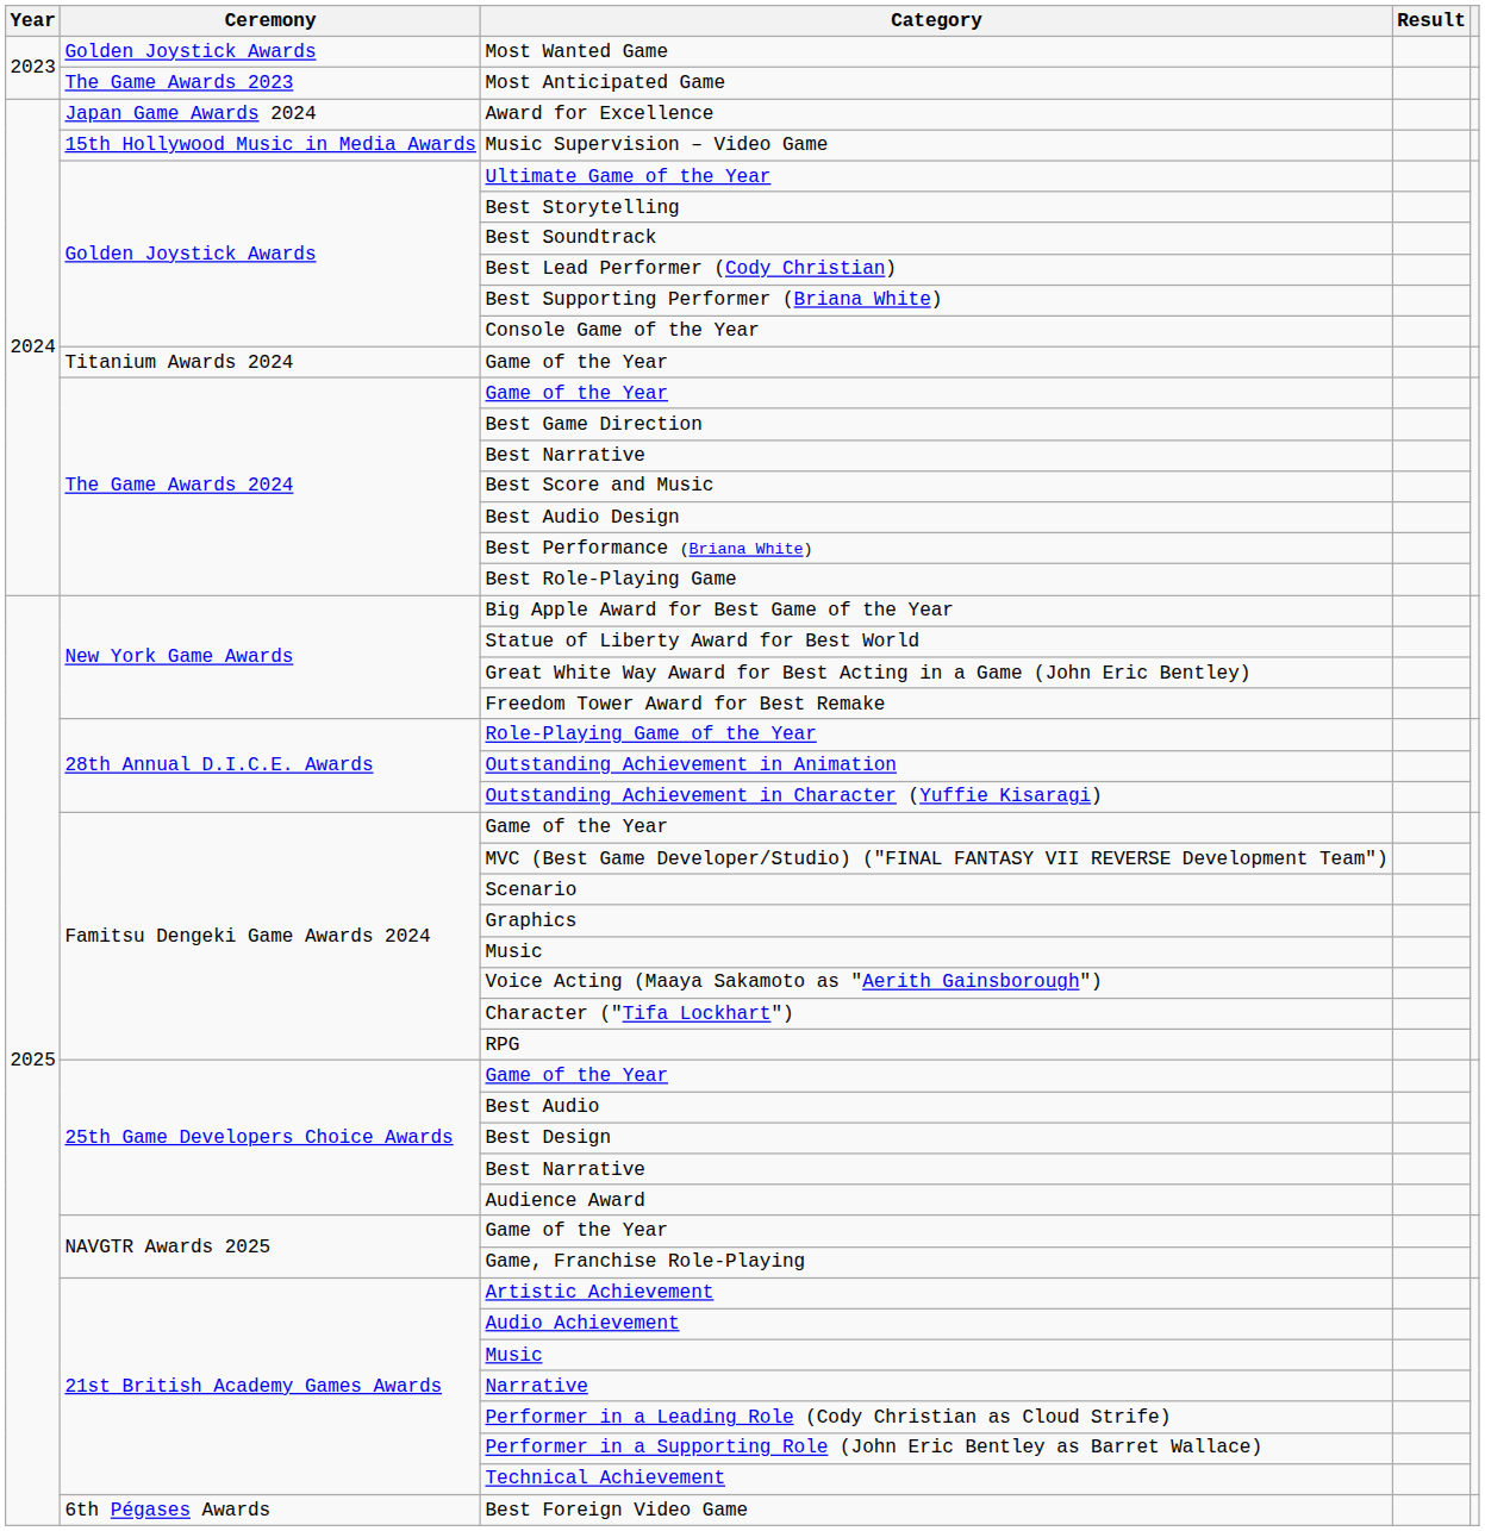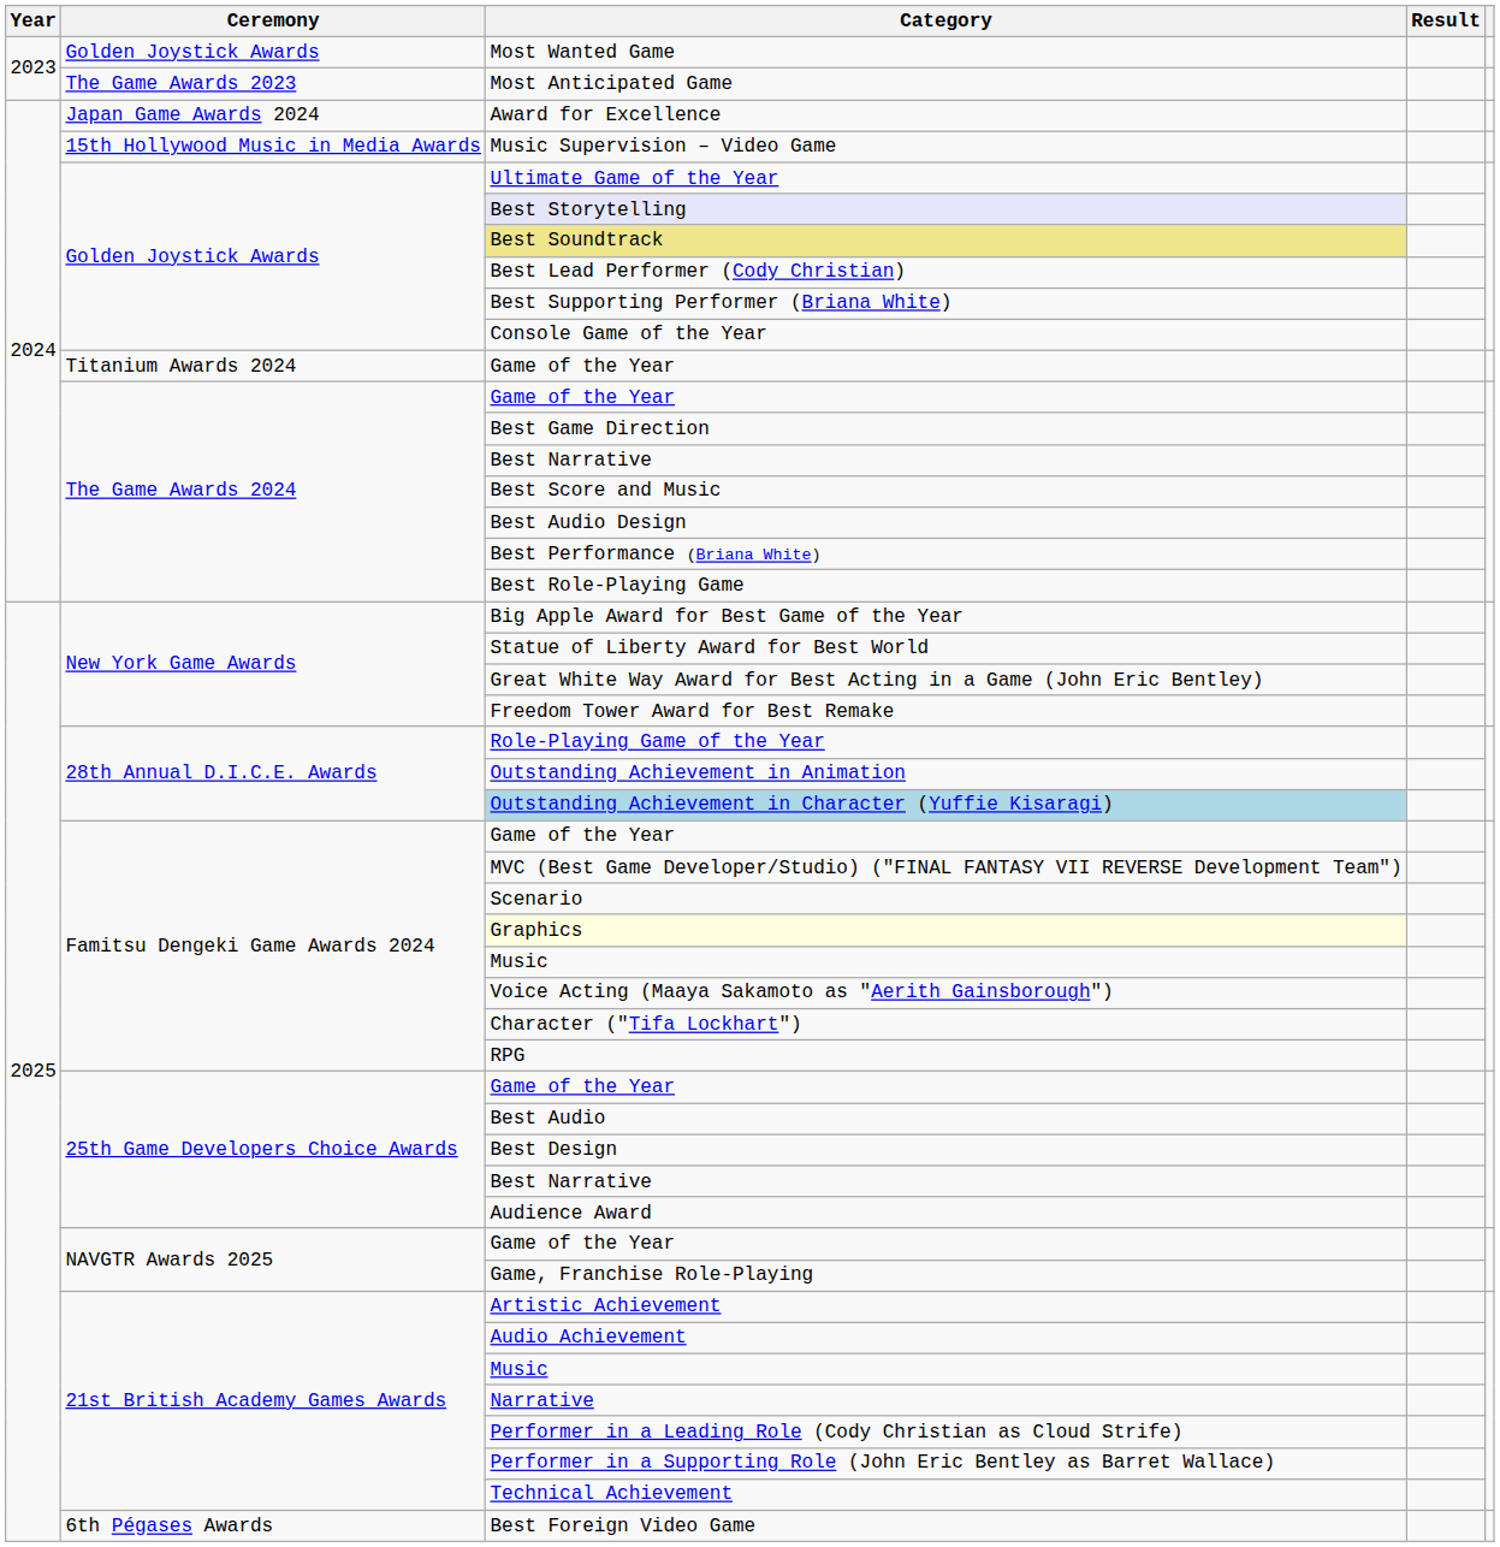 <table class="wikitable plainrowheaders sortable" width="auto">
 <tr>
 <th scope="col">Year</th>
 <th scope="col">Ceremony</th>
 <th scope="col">Category</th>
 <th scope="col">Result</th>
 <th scope="col" class="unsortable"></th>
 </tr>
 <tr>
 <td style="text-align:center;" rowspan="2">2023</td>
 <td><a href='#'>Golden Joystick Awards</a></td>
 <td>Most Wanted Game</td>
 <td></td>
 <td style="text-align:center;"></td>
 </tr>
 <tr>
 <td><a href='#'>The Game Awards 2023</a></td>
 <td>Most Anticipated Game</td>
 <td></td>
 <td style="text-align:center;"></td>
 </tr>
 <tr>
 <td style="text-align:center;" rowspan="16">2024</td>
 <td><a href='#'>Japan Game Awards</a> 2024</td>
 <td>Award for Excellence</td>
 <td></td>
 <td style="text-align:center;" rowspan="1"></td>
 </tr>
 <tr>
 <td><a href='#'>15th Hollywood Music in Media Awards</a></td>
 <td>Music Supervision – Video Game</td>
 <td></td>
 <td align="center"></td>
 </tr>
 <tr>
 <td rowspan="6"><a href='#'>Golden Joystick Awards</a></td>
 <td><a href='#'>Ultimate Game of the Year</a></td>
 <td></td>
 <td rowspan="6" style="text-align:center;"></td>
 </tr>
 <tr>
-<td>Best Storytelling</td>
+<td style="background: lavender;">Best Storytelling</td>
 <td></td>
 </tr>
 <tr>
-<td>Best Soundtrack</td>
+<td style="background: khaki;">Best Soundtrack</td>
 <td></td>
 </tr>
 <tr>
 <td>Best Lead Performer (<a href='#'>Cody Christian</a>)</td>
 <td></td>
 </tr>
 <tr>
 <td>Best Supporting Performer (<a href='#'>Briana White</a>)</td>
 <td></td>
 </tr>
 <tr>
 <td>Console Game of the Year</td>
 <td></td>
 </tr>
 <tr>
 <td>Titanium Awards 2024</td>
 <td>Game of the Year</td>
 <td></td>
 <td rowspan="1" style="text-align:center;"></td>
 </tr>
 <tr>
 <td rowspan="7"><a href='#'>The Game Awards 2024</a></td>
 <td><a href='#'>Game of the Year</a></td>
 <td></td>
 <td rowspan="7" style="text-align:center;"></td>
 </tr>
 <tr>
 <td>Best Game Direction</td>
 <td></td>
 </tr>
 <tr>
 <td>Best Narrative</td>
 <td></td>
 </tr>
 <tr>
 <td>Best Score and Music</td>
 <td></td>
 </tr>
 <tr>
 <td>Best Audio Design</td>
 <td></td>
 </tr>
 <tr>
 <td>Best Performance <small>(<a href='#'>Briana White</a>)</small></td>
 <td></td>
 </tr>
 <tr>
 <td>Best Role-Playing Game</td>
 <td></td>
 </tr>
 <tr>
 <td rowspan="30" style="text-align:center;">2025</td>
 <td rowspan="4"><a href='#'>New York Game Awards</a></td>
 <td>Big Apple Award for Best Game of the Year</td>
 <td></td>
 <td rowspan="4" style="text-align:center;"></td>
 </tr>
 <tr>
 <td>Statue of Liberty Award for Best World</td>
 <td></td>
 </tr>
 <tr>
 <td>Great White Way Award for Best Acting in a Game (John Eric Bentley)</td>
 <td></td>
 </tr>
 <tr>
 <td>Freedom Tower Award for Best Remake</td>
 <td></td>
 </tr>
 <tr>
 <td rowspan="3"><a href='#'>28th Annual D.I.C.E. Awards</a></td>
 <td><a href='#'>Role-Playing Game of the Year</a></td>
 <td></td>
 <td rowspan="3" style="text-align:center;"></td>
 </tr>
 <tr>
 <td><a href='#'>Outstanding Achievement in Animation</a></td>
 <td></td>
 </tr>
 <tr>
-<td><a href='#'>Outstanding Achievement in Character</a> (<a href='#'>Yuffie Kisaragi</a>)</td>
+<td style="background: lightblue;"><a href='#'>Outstanding Achievement in Character</a> (<a href='#'>Yuffie Kisaragi</a>)</td>
 <td></td>
 </tr>
 <tr>
 <td rowspan="8">Famitsu Dengeki Game Awards 2024</td>
 <td>Game of the Year</td>
 <td></td>
 <td rowspan="8" style="text-align: center;"></td>
 </tr>
 <tr>
 <td>MVC (Best Game Developer/Studio) ("FINAL FANTASY VII REVERSE Development Team")</td>
 <td></td>
 </tr>
 <tr>
 <td>Scenario</td>
 <td></td>
 </tr>
 <tr>
-<td>Graphics</td>
+<td style="background: lightyellow;">Graphics</td>
 <td></td>
 </tr>
 <tr>
 <td>Music</td>
 <td></td>
 </tr>
 <tr>
 <td>Voice Acting (Maaya Sakamoto as "<a href='#'>Aerith Gainsborough</a>")</td>
 <td></td>
 </tr>
 <tr>
 <td>Character ("<a href='#'>Tifa Lockhart</a>")</td>
 <td></td>
 </tr>
 <tr>
 <td>RPG</td>
 <td></td>
 </tr>
 <tr>
 <td rowspan="5"><a href='#'>25th Game Developers Choice Awards</a></td>
 <td><a href='#'>Game of the Year</a></td>
 <td></td>
 <td rowspan="5" style="text-align:center;"></td>
 </tr>
 <tr>
 <td>Best Audio</td>
 <td></td>
 </tr>
 <tr>
 <td>Best Design</td>
 <td></td>
 </tr>
 <tr>
 <td>Best Narrative</td>
 <td></td>
 </tr>
 <tr>
 <td>Audience Award</td>
 <td></td>
 </tr>
 <tr>
 <td rowspan="2">NAVGTR Awards 2025</td>
 <td>Game of the Year</td>
 <td></td>
 <td align="center" rowspan="2"></td>
 </tr>
 <tr>
 <td>Game, Franchise Role-Playing</td>
 <td></td>
 </tr>
 <tr>
 <td rowspan="7"><a href='#'>21st British Academy Games Awards</a></td>
 <td><a href='#'>Artistic Achievement</a></td>
 <td></td>
 <td align="center" rowspan="7"></td>
 </tr>
 <tr>
 <td><a href='#'>Audio Achievement</a></td>
 <td></td>
 </tr>
 <tr>
 <td><a href='#'>Music</a></td>
 <td></td>
 </tr>
 <tr>
 <td><a href='#'>Narrative</a></td>
 <td></td>
 </tr>
 <tr>
 <td><a href='#'>Performer in a Leading Role</a> (Cody Christian as Cloud Strife)</td>
 <td></td>
 </tr>
 <tr>
 <td><a href='#'>Performer in a Supporting Role</a> (John Eric Bentley as Barret Wallace)</td>
 <td></td>
 </tr>
 <tr>
 <td><a href='#'>Technical Achievement</a></td>
 <td></td>
 </tr>
 <tr>
 <td>6th <a href='#'>Pégases</a> Awards</td>
 <td>Best Foreign Video Game</td>
 <td></td>
 <td align="center"></td>
 </tr>
 </table>
